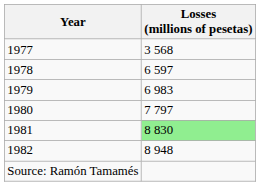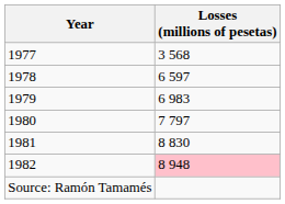 <table class="wikitable">
 <tr>
 <th>Year</th>
 <th>Losses<br>(millions of pesetas)</th>
 </tr>
 <tr>
 <td>1977</td>
 <td>3 568</td>
 </tr>
 <tr>
 <td>1978</td>
 <td>6 597</td>
 </tr>
 <tr>
 <td>1979</td>
 <td>6 983</td>
 </tr>
 <tr>
 <td>1980</td>
 <td>7 797</td>
 </tr>
 <tr>
 <td>1981</td>
-<td style="background: lightgreen;">8 830</td>
+<td>8 830</td>
 </tr>
 <tr>
 <td>1982</td>
-<td>8 948</td>
+<td style="background: pink;">8 948</td>
 </tr>
 <tr>
 <td>Source: Ramón Tamamés</td>
 <td></td>
 </tr>
 </table>
